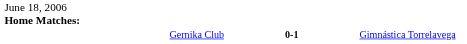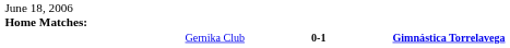 <table width=100% cellspacing=1>
 <tr>
 <th width=20%></th>
 <th width=12%></th>
 <th width=20%></th>
 <th></th>
 </tr>
 <tr>
 <td>June 18, 2006<br><strong>Home Matches:</strong></td>
 </tr>
 <tr style=font-size:90%>
 <td align=right><a href='#'>Gernika Club</a></td>
 <td align=center><strong>0-1</strong></td>
-<td><a href='#'>Gimnástica Torrelavega</a></td>
+<td><strong><a href='#'>Gimnástica Torrelavega</a></strong></td>
 </tr>
 </table>
